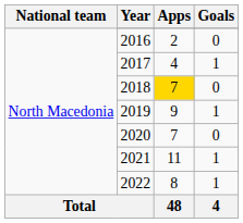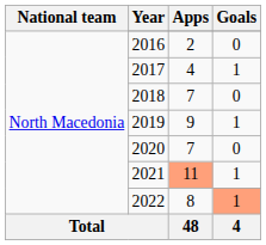 <table class="wikitable" style="text-align: center;">
 <tr>
 <th>National team</th>
 <th>Year</th>
 <th>Apps</th>
 <th>Goals</th>
 </tr>
 <tr>
 <td rowspan="8"><a href='#'>North Macedonia</a></td>
 </tr>
 <tr>
 <td>2016</td>
 <td>2</td>
 <td>0</td>
 </tr>
 <tr>
 <td>2017</td>
 <td>4</td>
 <td>1</td>
 </tr>
 <tr>
 <td>2018</td>
-<td style="background: gold;">7</td>
+<td>7</td>
 <td>0</td>
 </tr>
 <tr>
 <td>2019</td>
 <td>9</td>
 <td>1</td>
 </tr>
 <tr>
 <td>2020</td>
 <td>7</td>
 <td>0</td>
 </tr>
 <tr>
 <td>2021</td>
-<td>11</td>
+<td style="background: lightsalmon;">11</td>
 <td>1</td>
 </tr>
 <tr>
 <td>2022</td>
 <td>8</td>
-<td>1</td>
+<td style="background: lightsalmon;">1</td>
 </tr>
 <tr>
 <th colspan=2>Total</th>
 <th>48</th>
 <th>4</th>
 </tr>
 </table>
